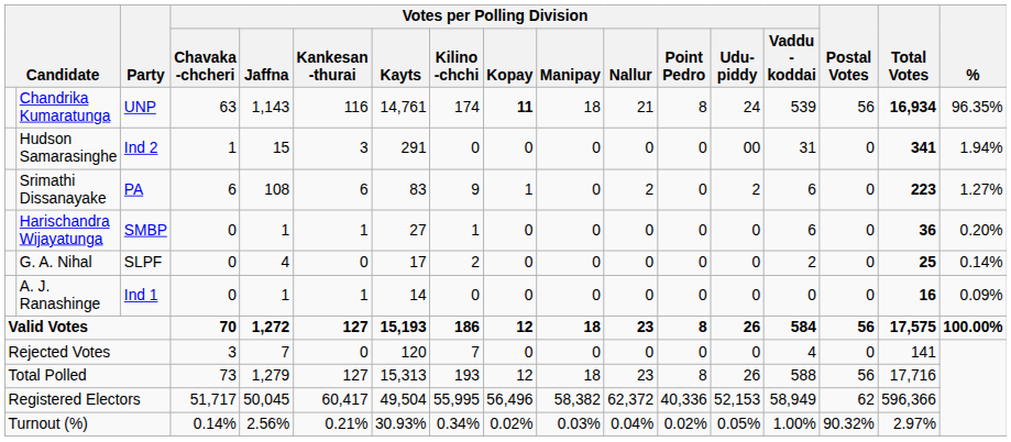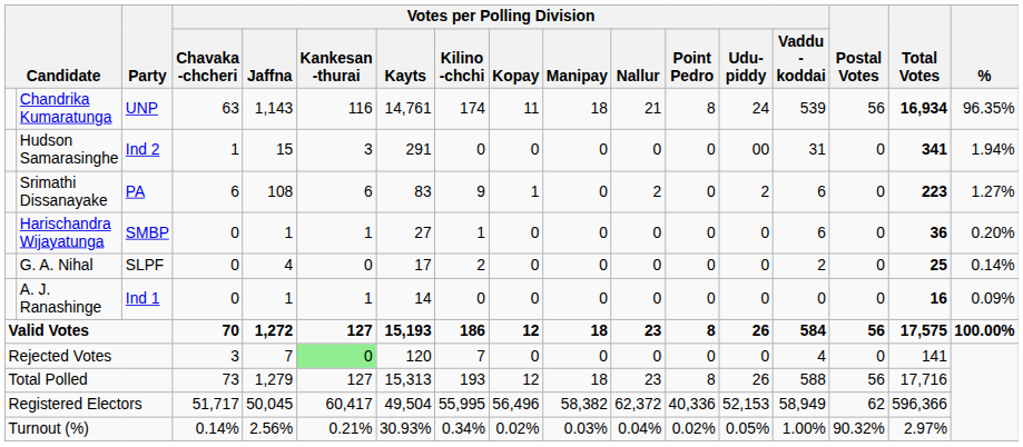 <table class="wikitable" border="1" style="text-align:right;">
 <tr>
 <th align=left valign=bottom rowspan=2 colspan=2>Candidate</th>
 <th align=left valign=bottom rowspan=2 width="40">Party</th>
 <th colspan=11>Votes per Polling Division</th>
 <th align=center valign=bottom rowspan=2 width="50">Postal<br>Votes</th>
 <th align=center valign=bottom rowspan=2 width="50">Total Votes</th>
 <th align=center valign=bottom rowspan=2 width="50">%</th>
 </tr>
 <tr>
 <th align=center valign=bottom width="50">Chavaka<br>-chcheri</th>
 <th align=center valign=bottom width="50">Jaffna</th>
 <th align=center valign=bottom width="50">Kankesan<br>-thurai</th>
 <th align=center valign=bottom width="50">Kayts</th>
 <th align=center valign=bottom width="50">Kilino<br>-chchi</th>
 <th align=center valign=bottom width="50">Kopay</th>
 <th align=center valign=bottom width="50">Manipay</th>
 <th align=center valign=bottom width="50">Nallur</th>
 <th align=center valign=bottom width="50">Point<br>Pedro</th>
 <th align=center valign=bottom width="50">Udu-<br>piddy</th>
 <th align=center valign=bottom width="50">Vaddu<br>-koddai</th>
 </tr>
 <tr>
 <td bgcolor=> </td>
 <td align=left><a href='#'>Chandrika Kumaratunga</a></td>
 <td align=left><a href='#'>UNP</a></td>
 <td>63</td>
 <td>1,143</td>
 <td>116</td>
 <td>14,761</td>
 <td>174</td>
-<td><strong>11</strong></td>
+<td>11</td>
 <td>18</td>
 <td>21</td>
 <td>8</td>
 <td>24</td>
 <td>539</td>
 <td>56</td>
 <td><strong>16,934</strong></td>
 <td>96.35%</td>
 </tr>
 <tr>
 <td bgcolor=> </td>
 <td align=left>Hudson Samarasinghe</td>
 <td align=left><a href='#'>Ind 2</a></td>
 <td>1</td>
 <td>15</td>
 <td>3</td>
 <td>291</td>
 <td>0</td>
 <td>0</td>
 <td>0</td>
 <td>0</td>
 <td>0</td>
 <td>00</td>
 <td>31</td>
 <td>0</td>
 <td><strong>341</strong></td>
 <td>1.94%</td>
 </tr>
 <tr>
 <td bgcolor=> </td>
 <td align=left>Srimathi Dissanayake</td>
 <td align=left><a href='#'>PA</a></td>
 <td>6</td>
 <td>108</td>
 <td>6</td>
 <td>83</td>
 <td>9</td>
 <td>1</td>
 <td>0</td>
 <td>2</td>
 <td>0</td>
 <td>2</td>
 <td>6</td>
 <td>0</td>
 <td><strong>223</strong></td>
 <td>1.27%</td>
 </tr>
 <tr>
 <td bgcolor=> </td>
 <td align=left><a href='#'>Harischandra Wijayatunga</a></td>
 <td align=left><a href='#'>SMBP</a></td>
 <td>0</td>
 <td>1</td>
 <td>1</td>
 <td>27</td>
 <td>1</td>
 <td>0</td>
 <td>0</td>
 <td>0</td>
 <td>0</td>
 <td>0</td>
 <td>6</td>
 <td>0</td>
 <td><strong>36</strong></td>
 <td>0.20%</td>
 </tr>
 <tr>
 <td bgcolor=> </td>
 <td align=left>G. A. Nihal</td>
 <td align=left>SLPF</td>
 <td>0</td>
 <td>4</td>
 <td>0</td>
 <td>17</td>
 <td>2</td>
 <td>0</td>
 <td>0</td>
 <td>0</td>
 <td>0</td>
 <td>0</td>
 <td>2</td>
 <td>0</td>
 <td><strong>25</strong></td>
 <td>0.14%</td>
 </tr>
 <tr>
 <td bgcolor=> </td>
 <td align=left>A. J. Ranashinge</td>
 <td align=left><a href='#'>Ind 1</a></td>
 <td>0</td>
 <td>1</td>
 <td>1</td>
 <td>14</td>
 <td>0</td>
 <td>0</td>
 <td>0</td>
 <td>0</td>
 <td>0</td>
 <td>0</td>
 <td>0</td>
 <td>0</td>
 <td><strong>16</strong></td>
 <td>0.09%</td>
 </tr>
 <tr>
 <td align=left colspan=3><strong>Valid Votes</strong></td>
 <td><strong>70</strong></td>
 <td><strong>1,272</strong></td>
 <td><strong>127</strong></td>
 <td><strong>15,193</strong></td>
 <td><strong>186</strong></td>
 <td><strong>12</strong></td>
 <td><strong>18</strong></td>
 <td><strong>23</strong></td>
 <td><strong>8</strong></td>
 <td><strong>26</strong></td>
 <td><strong>584</strong></td>
 <td><strong>56</strong></td>
 <td><strong>17,575</strong></td>
 <td><strong>100.00%</strong></td>
 </tr>
 <tr>
 <td align=left colspan=3>Rejected Votes</td>
 <td>3</td>
 <td>7</td>
-<td>0</td>
+<td style="background: lightgreen;">0</td>
 <td>120</td>
 <td>7</td>
 <td>0</td>
 <td>0</td>
 <td>0</td>
 <td>0</td>
 <td>0</td>
 <td>4</td>
 <td>0</td>
 <td>141</td>
 </tr>
 <tr>
 <td align=left colspan=3>Total Polled</td>
 <td>73</td>
 <td>1,279</td>
 <td>127</td>
 <td>15,313</td>
 <td>193</td>
 <td>12</td>
 <td>18</td>
 <td>23</td>
 <td>8</td>
 <td>26</td>
 <td>588</td>
 <td>56</td>
 <td>17,716</td>
 </tr>
 <tr>
 <td align=left colspan=3>Registered Electors</td>
 <td>51,717</td>
 <td>50,045</td>
 <td>60,417</td>
 <td>49,504</td>
 <td>55,995</td>
 <td>56,496</td>
 <td>58,382</td>
 <td>62,372</td>
 <td>40,336</td>
 <td>52,153</td>
 <td>58,949</td>
 <td>62</td>
 <td>596,366</td>
 </tr>
 <tr>
 <td align=left colspan=3>Turnout (%)</td>
 <td>0.14%</td>
 <td>2.56%</td>
 <td>0.21%</td>
 <td>30.93%</td>
 <td>0.34%</td>
 <td>0.02%</td>
 <td>0.03%</td>
 <td>0.04%</td>
 <td>0.02%</td>
 <td>0.05%</td>
 <td>1.00%</td>
 <td>90.32%</td>
 <td>2.97%</td>
 </tr>
 </table>
